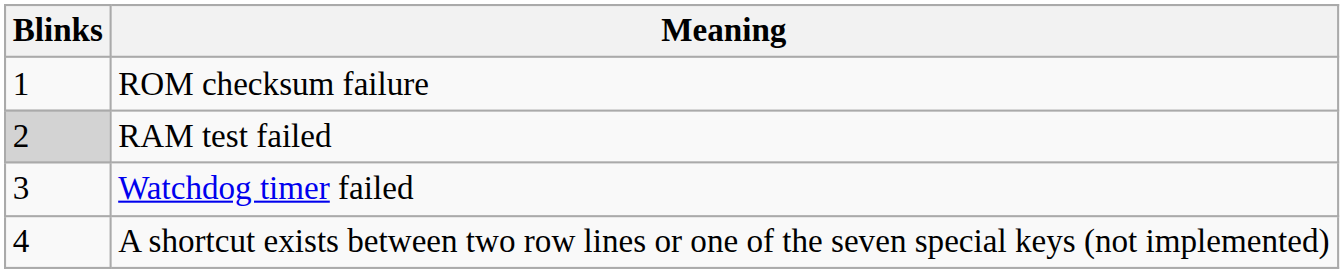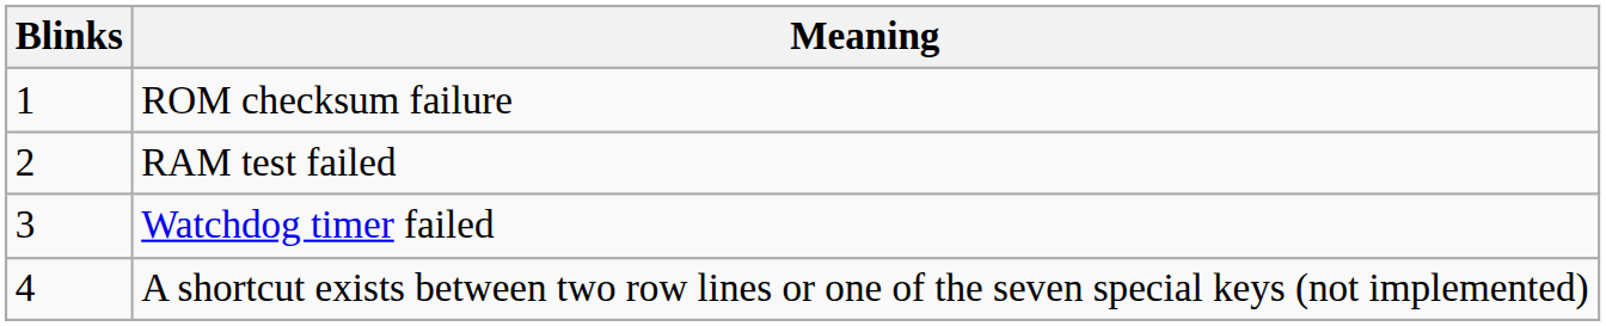 <table class="wikitable">
 <tr>
 <th>Blinks</th>
 <th>Meaning</th>
 </tr>
 <tr>
 <td>1</td>
 <td>ROM checksum failure</td>
 </tr>
 <tr>
-<td style="background: lightgrey;">2</td>
+<td>2</td>
 <td>RAM test failed</td>
 </tr>
 <tr>
 <td>3</td>
 <td><a href='#'>Watchdog timer</a> failed</td>
 </tr>
 <tr>
 <td>4</td>
 <td>A shortcut exists between two row lines or one of the seven special keys (not implemented)</td>
 </tr>
 </table>
